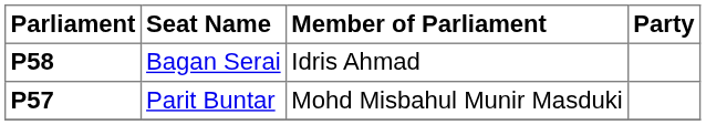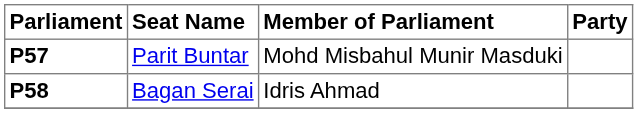 <table class="toccolours sortable" border="1" cellpadding="3" style="border-collapse:collapse; text-align: left;">
 <tr>
 <th align="center">Parliament</th>
 <th>Seat Name</th>
 <th>Member of Parliament</th>
 <th>Party</th>
 </tr>
 <tr>
+<th align="left">P57</th>
+<td><a href='#'>Parit Buntar</a></td>
+<td>Mohd Misbahul Munir Masduki</td>
+<td></td>
+</tr>
+<tr>
 <th align="left">P58</th>
 <td><a href='#'>Bagan Serai</a></td>
 <td>Idris Ahmad</td>
 <td></td>
 </tr>
 <tr>
-<th align="left">P57</th>
-<td><a href='#'>Parit Buntar</a></td>
-<td>Mohd Misbahul Munir Masduki</td>
-<td></td>
-</tr>
-<tr>
 </tr>
 </table>
